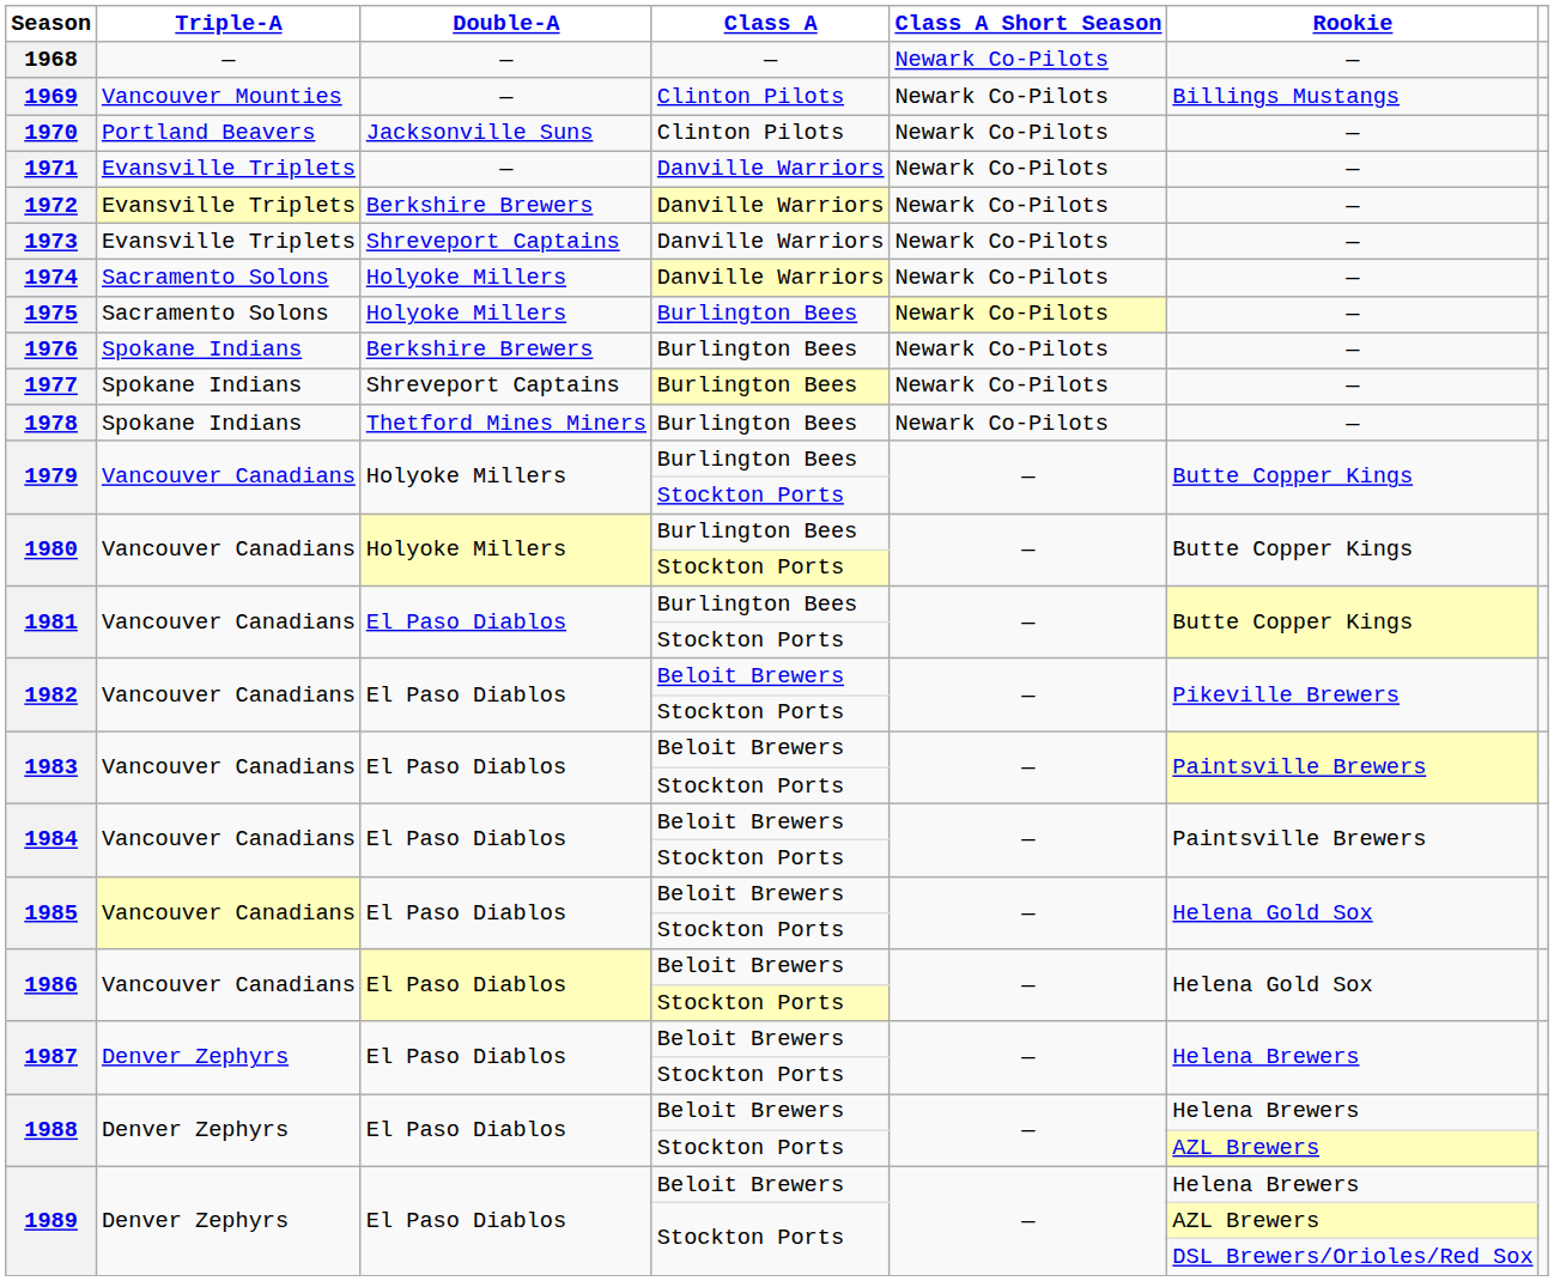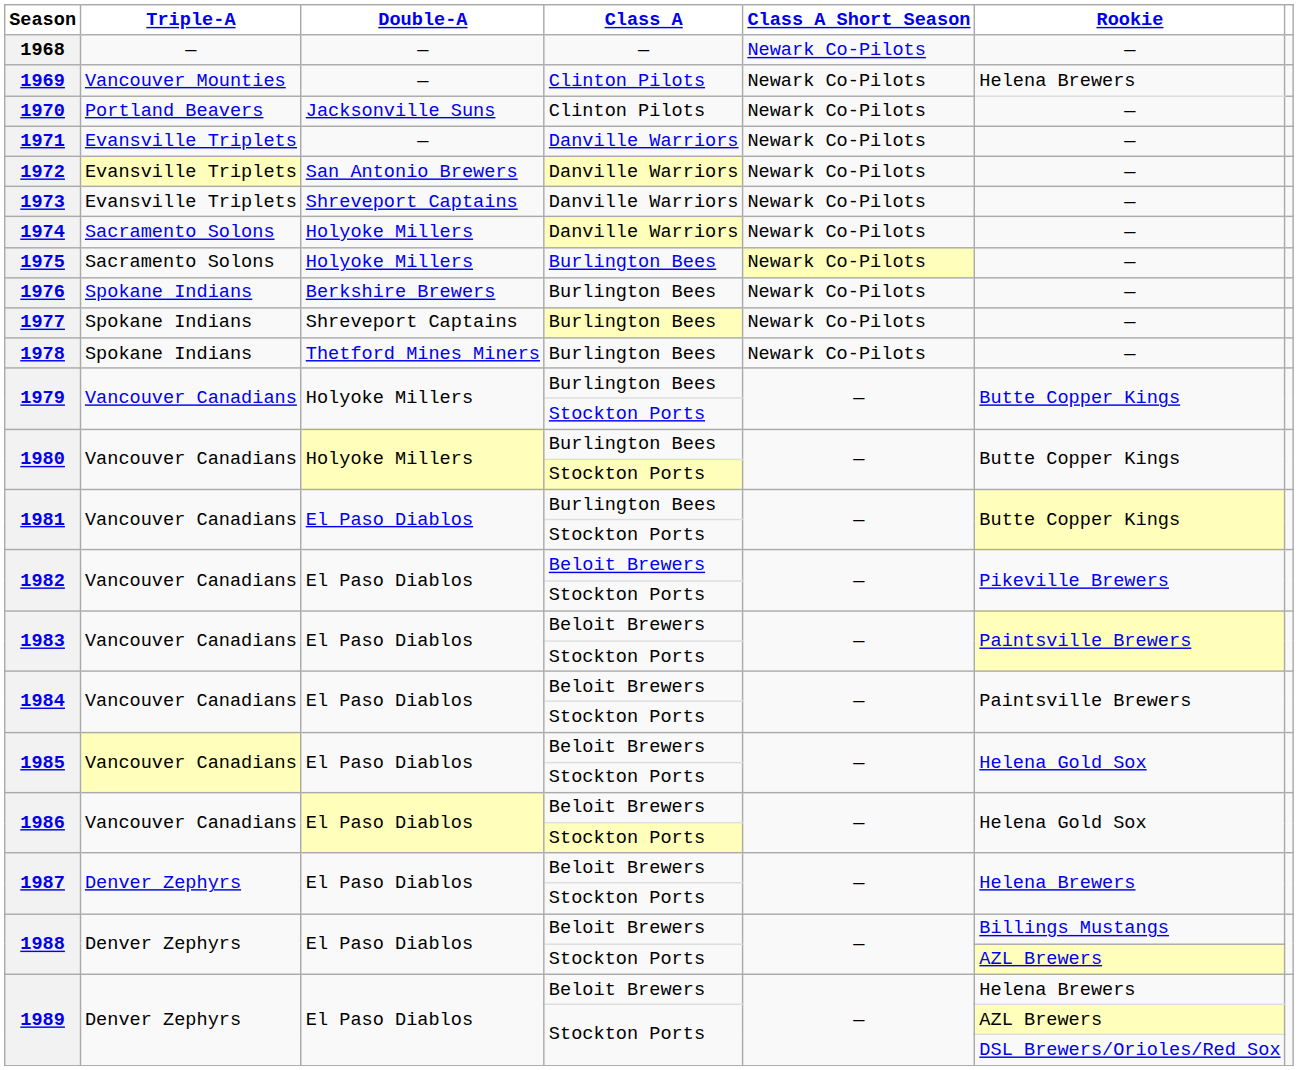 <table class="wikitable plainrowheaders">
 <tr>
 <th scope="col" style="background-color:#ffffff; border-top:#">Season</th>
 <th scope="col" style="background-color:#ffffff; border-top:#"><a href='#'>Triple-A</a></th>
 <th scope="col" style="background-color:#ffffff; border-top:#"><a href='#'>Double-A</a></th>
 <th scope="col" style="background-color:#ffffff; border-top:#"><a href='#'>Class A</a></th>
 <th scope="col" style="background-color:#ffffff; border-top:#"><a href='#'>Class A Short Season</a></th>
 <th scope="col" style="background-color:#ffffff; border-top:#"><a href='#'>Rookie</a></th>
 <th scope="col" style="background-color:#ffffff; border-top:#"></th>
 </tr>
 <tr>
 <th scope="row" style="text-align:center">1968</th>
 <td align="center">—</td>
 <td align="center">—</td>
 <td align="center">—</td>
 <td><a href='#'>Newark Co-Pilots</a></td>
 <td align="center">—</td>
 <td align="center"></td>
 </tr>
 <tr>
 <th scope="row" style="text-align:center"><a href='#'>1969</a></th>
 <td><a href='#'>Vancouver Mounties</a></td>
 <td align="center">—</td>
 <td><a href='#'>Clinton Pilots</a></td>
 <td>Newark Co-Pilots</td>
-<td><a href='#'>Billings Mustangs</a></td>
+<td style="border-bottom:#dddddd 1px solid">Helena Brewers</td>
 <td align="center"></td>
 </tr>
 <tr>
 <th scope="row" style="text-align:center"><a href='#'>1970</a></th>
 <td><a href='#'>Portland Beavers</a></td>
 <td><a href='#'>Jacksonville Suns</a></td>
 <td>Clinton Pilots</td>
 <td>Newark Co-Pilots</td>
 <td style="text-align:center">—</td>
 <td align="center"></td>
 </tr>
 <tr>
 <th scope="row" style="text-align:center"><a href='#'>1971</a></th>
 <td><a href='#'>Evansville Triplets</a></td>
 <td align="center">—</td>
 <td><a href='#'>Danville Warriors</a></td>
 <td>Newark Co-Pilots</td>
 <td align="center">—</td>
 <td align="center"></td>
 </tr>
 <tr>
 <th scope="row" style="text-align:center"><a href='#'>1972</a></th>
 <td style="background:#FFFFBB">Evansville Triplets</td>
-<td><a href='#'>Berkshire Brewers</a></td>
+<td><a href='#'>San Antonio Brewers</a></td>
 <td style="background:#FFFFBB">Danville Warriors</td>
 <td>Newark Co-Pilots</td>
 <td align="center">—</td>
 <td align="center"></td>
 </tr>
 <tr>
 <th scope="row" style="text-align:center"><a href='#'>1973</a></th>
 <td>Evansville Triplets</td>
 <td><a href='#'>Shreveport Captains</a></td>
 <td>Danville Warriors</td>
 <td>Newark Co-Pilots</td>
 <td align="center">—</td>
 <td align="center"></td>
 </tr>
 <tr>
 <th scope="row" style="text-align:center"><a href='#'>1974</a></th>
 <td><a href='#'>Sacramento Solons</a></td>
 <td><a href='#'>Holyoke Millers</a></td>
 <td style="background:#FFFFBB">Danville Warriors</td>
 <td>Newark Co-Pilots</td>
 <td align="center">—</td>
 <td align="center"></td>
 </tr>
 <tr>
 <th scope="row" style="text-align:center"><a href='#'>1975</a></th>
 <td>Sacramento Solons</td>
 <td><a href='#'>Holyoke Millers</a></td>
 <td><a href='#'>Burlington Bees</a></td>
 <td style="background:#FFFFBB">Newark Co-Pilots</td>
 <td align="center">—</td>
 <td align="center"></td>
 </tr>
 <tr>
 <th scope="row" style="text-align:center"><a href='#'>1976</a></th>
 <td><a href='#'>Spokane Indians</a></td>
 <td><a href='#'>Berkshire Brewers</a></td>
 <td>Burlington Bees</td>
 <td>Newark Co-Pilots</td>
 <td align="center">—</td>
 <td align="center"></td>
 </tr>
 <tr>
 <th scope="row" style="text-align:center"><a href='#'>1977</a></th>
 <td>Spokane Indians</td>
 <td>Shreveport Captains</td>
 <td style="background:#FFFFBB">Burlington Bees</td>
 <td>Newark Co-Pilots</td>
 <td align="center">—</td>
 <td align="center"></td>
 </tr>
 <tr>
 <th scope="row" style="text-align:center"><a href='#'>1978</a></th>
 <td>Spokane Indians</td>
 <td><a href='#'>Thetford Mines Miners</a></td>
 <td>Burlington Bees</td>
 <td>Newark Co-Pilots</td>
 <td align="center">—</td>
 <td align="center"></td>
 </tr>
 <tr>
 <th rowspan="2" scope="row" style="text-align:center"><a href='#'>1979</a></th>
 <td rowspan="2"><a href='#'>Vancouver Canadians</a></td>
 <td rowspan="2">Holyoke Millers</td>
 <td style="border-bottom:#dddddd 1px solid">Burlington Bees</td>
 <td rowspan="2" align="center">—</td>
 <td rowspan="2"><a href='#'>Butte Copper Kings</a></td>
 <td rowspan="2" align="center"></td>
 </tr>
 <tr>
 <td><a href='#'>Stockton Ports</a></td>
 </tr>
 <tr>
 <th rowspan="2" scope="row" style="text-align:center"><a href='#'>1980</a></th>
 <td rowspan="2">Vancouver Canadians</td>
 <td rowspan="2" style="background:#FFFFBB">Holyoke Millers</td>
 <td style="border-bottom:#dddddd 1px solid">Burlington Bees</td>
 <td rowspan="2" align="center">—</td>
 <td rowspan="2">Butte Copper Kings</td>
 <td rowspan="2" align="center"></td>
 </tr>
 <tr>
 <td style="background:#FFFFBB">Stockton Ports</td>
 </tr>
 <tr>
 <th rowspan="2" scope="row" style="text-align:center"><a href='#'>1981</a></th>
 <td rowspan="2">Vancouver Canadians</td>
 <td rowspan="2"><a href='#'>El Paso Diablos</a></td>
 <td style="border-bottom:#dddddd 1px solid">Burlington Bees</td>
 <td rowspan="2" align="center">—</td>
 <td rowspan="2" style="background:#FFFFBB">Butte Copper Kings</td>
 <td rowspan="2" align="center"></td>
 </tr>
 <tr>
 <td>Stockton Ports</td>
 </tr>
 <tr>
 <th rowspan="2" scope="row" style="text-align:center"><a href='#'>1982</a></th>
 <td rowspan="2">Vancouver Canadians</td>
 <td rowspan="2">El Paso Diablos</td>
 <td style="border-bottom:#dddddd 1px solid"><a href='#'>Beloit Brewers</a></td>
 <td rowspan="2" align="center">—</td>
 <td rowspan="2"><a href='#'>Pikeville Brewers</a></td>
 <td rowspan="2" align="center"></td>
 </tr>
 <tr>
 <td>Stockton Ports</td>
 </tr>
 <tr>
 <th rowspan="2" scope="row" style="text-align:center"><a href='#'>1983</a></th>
 <td rowspan="2">Vancouver Canadians</td>
 <td rowspan="2">El Paso Diablos</td>
 <td style="border-bottom:#dddddd 1px solid">Beloit Brewers</td>
 <td rowspan="2" align="center">—</td>
 <td rowspan="2" style="background:#FFFFBB"><a href='#'>Paintsville Brewers</a></td>
 <td rowspan="2" align="center"></td>
 </tr>
 <tr>
 <td>Stockton Ports</td>
 </tr>
 <tr>
 <th rowspan="2" scope="row" style="text-align:center"><a href='#'>1984</a></th>
 <td rowspan="2">Vancouver Canadians</td>
 <td rowspan="2">El Paso Diablos</td>
 <td style="border-bottom:#dddddd 1px solid">Beloit Brewers</td>
 <td rowspan="2" align="center">—</td>
 <td rowspan="2">Paintsville Brewers</td>
 <td rowspan="2" align="center"></td>
 </tr>
 <tr>
 <td>Stockton Ports</td>
 </tr>
 <tr>
 <th rowspan="2" scope="row" style="text-align:center"><a href='#'>1985</a></th>
 <td rowspan="2" style="background:#FFFFBB">Vancouver Canadians</td>
 <td rowspan="2">El Paso Diablos</td>
 <td style="border-bottom:#dddddd 1px solid">Beloit Brewers</td>
 <td rowspan="2" align="center">—</td>
 <td rowspan="2"><a href='#'>Helena Gold Sox</a></td>
 <td rowspan="2" align="center"></td>
 </tr>
 <tr>
 <td>Stockton Ports</td>
 </tr>
 <tr>
 <th rowspan="2" scope="row" style="text-align:center"><a href='#'>1986</a></th>
 <td rowspan="2">Vancouver Canadians</td>
 <td rowspan="2" style="background:#FFFFBB">El Paso Diablos</td>
 <td style="border-bottom:#dddddd 1px solid">Beloit Brewers</td>
 <td rowspan="2" align="center">—</td>
 <td rowspan="2">Helena Gold Sox</td>
 <td rowspan="2" align="center"></td>
 </tr>
 <tr>
 <td style="background:#FFFFBB">Stockton Ports</td>
 </tr>
 <tr>
 <th rowspan="2" scope="row" style="text-align:center"><a href='#'>1987</a></th>
 <td rowspan="2"><a href='#'>Denver Zephyrs</a></td>
 <td rowspan="2">El Paso Diablos</td>
 <td style="border-bottom:#dddddd 1px solid">Beloit Brewers</td>
 <td rowspan="2" align="center">—</td>
 <td rowspan="2"><a href='#'>Helena Brewers</a></td>
 <td rowspan="2" align="center"></td>
 </tr>
 <tr>
 <td>Stockton Ports</td>
 </tr>
 <tr>
 <th rowspan="2" scope="row" style="text-align:center"><a href='#'>1988</a></th>
 <td rowspan="2">Denver Zephyrs</td>
 <td rowspan="2">El Paso Diablos</td>
 <td style="border-bottom:#dddddd 1px solid">Beloit Brewers</td>
 <td rowspan="2" align="center">—</td>
-<td style="border-bottom:#dddddd 1px solid">Helena Brewers</td>
+<td><a href='#'>Billings Mustangs</a></td>
 <td rowspan="2" align="center"></td>
 </tr>
 <tr>
 <td>Stockton Ports</td>
 <td style="background:#FFFFBB"><a href='#'>AZL Brewers</a></td>
 </tr>
 <tr>
 <th rowspan="3" scope="row" style="text-align:center"><a href='#'>1989</a></th>
 <td rowspan="3">Denver Zephyrs</td>
 <td rowspan="3">El Paso Diablos</td>
 <td style="border-bottom:#dddddd 1px solid">Beloit Brewers</td>
 <td rowspan="3" align="center">—</td>
 <td style="border-bottom:#dddddd 1px solid">Helena Brewers</td>
 <td rowspan="3" align="center"></td>
 </tr>
 <tr>
 <td rowspan="2">Stockton Ports</td>
 <td style="background:#FFFFBB; border-bottom:#dddddd 1px solid">AZL Brewers</td>
 </tr>
 <tr>
 <td><a href='#'>DSL Brewers/Orioles/Red Sox</a></td>
 </tr>
 </table>
